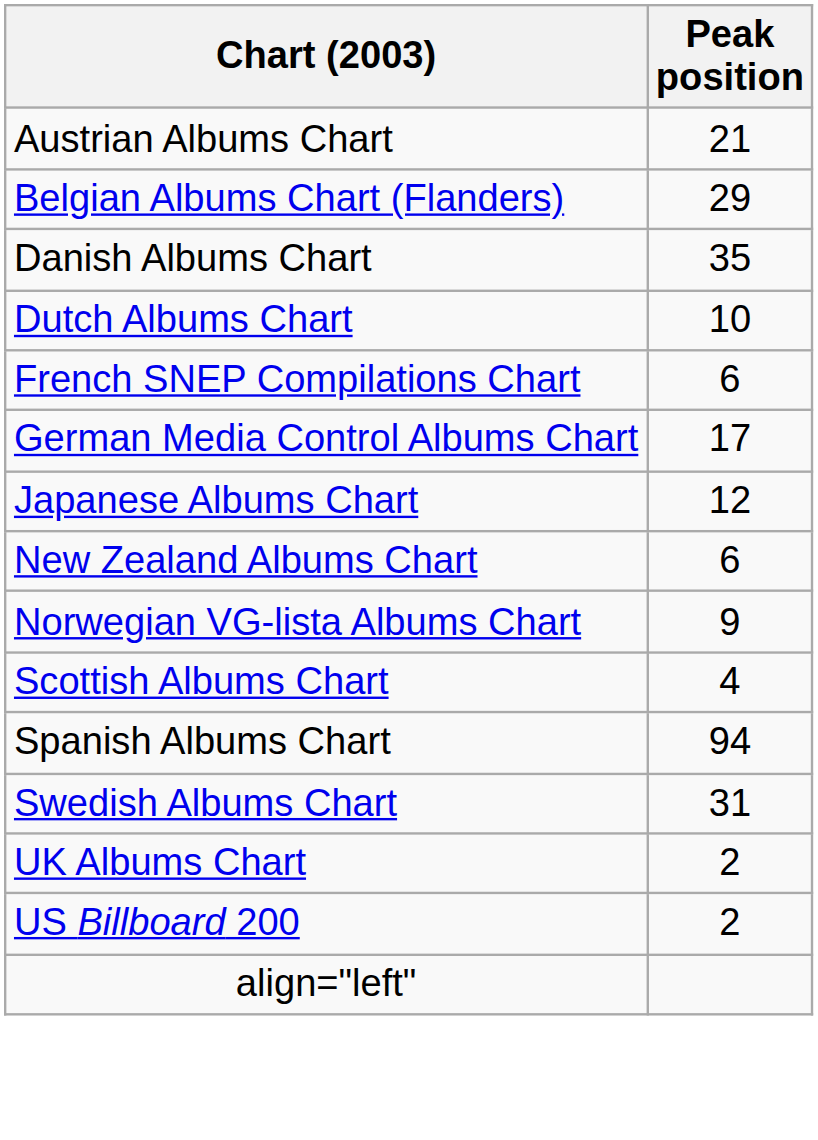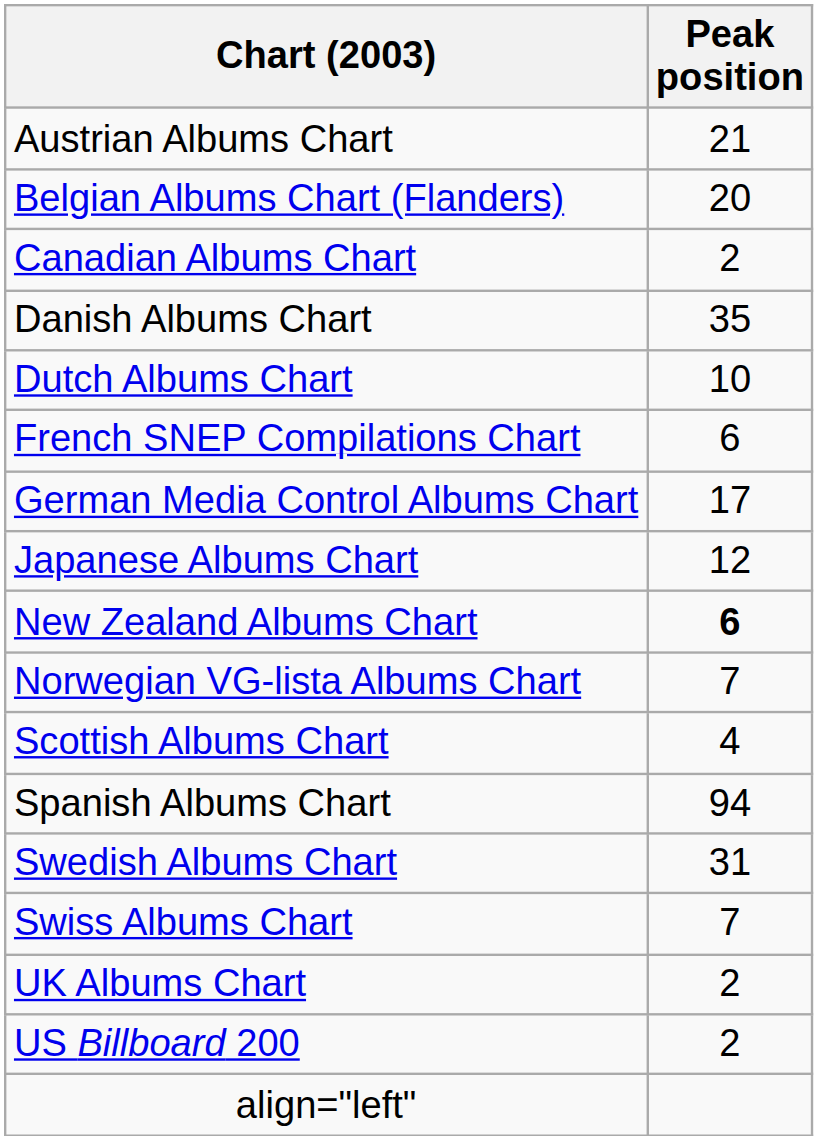 <table class="wikitable sortable" style="text-align:center;">
 <tr>
 <th>Chart (2003)</th>
 <th>Peak<br>position</th>
 </tr>
 <tr>
 <td align="left">Austrian Albums Chart</td>
 <td>21</td>
 </tr>
 <tr>
 <td align="left"><a href='#'>Belgian Albums Chart (Flanders)</a></td>
-<td>29</td>
+<td>20</td>
+</tr>
+<tr>
+<td align="left"><a href='#'>Canadian Albums Chart</a></td>
+<td>2</td>
 </tr>
 <tr>
 <td align="left">Danish Albums Chart</td>
 <td>35</td>
 </tr>
 <tr>
 <td align="left"><a href='#'>Dutch Albums Chart</a></td>
 <td>10</td>
 </tr>
 <tr>
 <td align="left"><a href='#'>French SNEP Compilations Chart</a></td>
 <td>6</td>
 </tr>
 <tr>
 <td align="left"><a href='#'>German Media Control Albums Chart</a></td>
 <td>17</td>
 </tr>
 <tr>
 <td align="left"><a href='#'>Japanese Albums Chart</a></td>
 <td>12</td>
 </tr>
 <tr>
 <td align="left"><a href='#'>New Zealand Albums Chart</a></td>
-<td>6</td>
+<td><strong>6</strong></td>
 </tr>
 <tr>
 <td align="left"><a href='#'>Norwegian VG-lista Albums Chart</a></td>
-<td>9</td>
+<td>7</td>
 </tr>
 <tr>
 <td align="left"><a href='#'>Scottish Albums Chart</a></td>
 <td>4</td>
 </tr>
 <tr>
 <td align="left">Spanish Albums Chart</td>
 <td>94</td>
 </tr>
 <tr>
 <td align="left"><a href='#'>Swedish Albums Chart</a></td>
 <td>31</td>
 </tr>
 <tr>
+<td align="left"><a href='#'>Swiss Albums Chart</a></td>
+<td>7</td>
+</tr>
+<tr>
 <td align="left"><a href='#'>UK Albums Chart</a></td>
 <td>2</td>
 </tr>
 <tr>
 <td align="left"><a href='#'>US <em>Billboard</em> 200</a></td>
 <td>2</td>
 </tr>
 <tr>
 <td>align="left"</td>
 </tr>
 </table>
